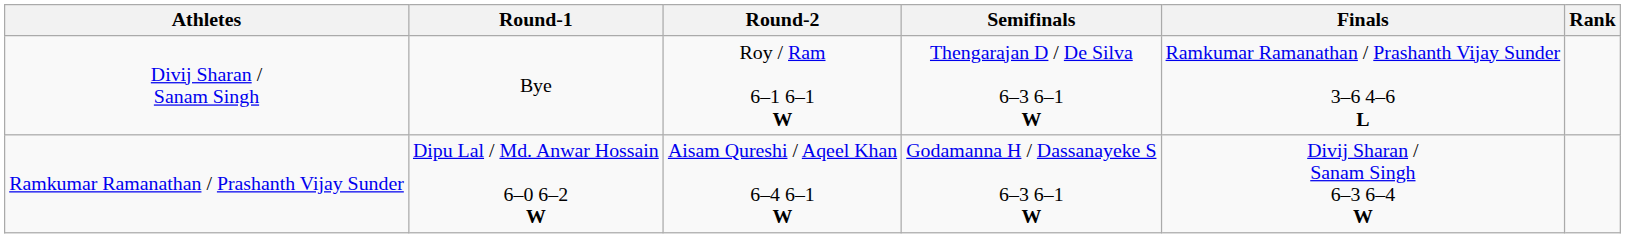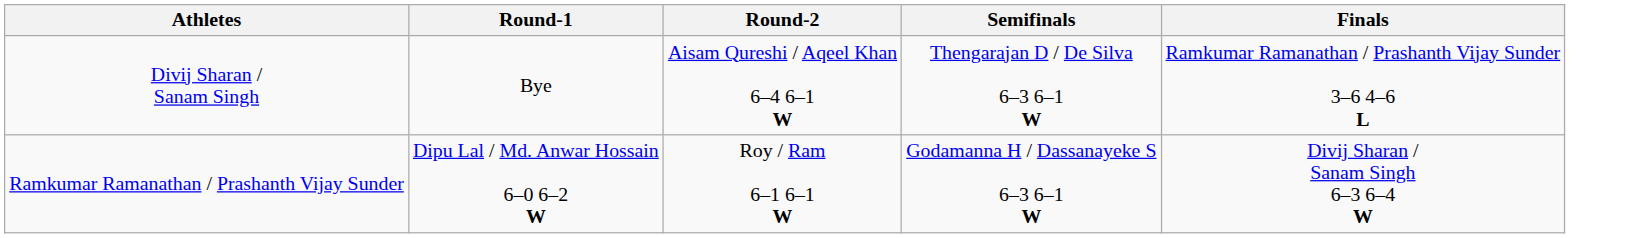 <table class="wikitable" style="text-align:center;">
 <tr>
 <th>Athletes</th>
 <th>Round-1</th>
 <th>Round-2</th>
 <th>Semifinals</th>
 <th>Finals</th>
-<th>Rank</th>
 </tr>
 <tr>
 <td><a href='#'>Divij Sharan</a> /<br><a href='#'>Sanam Singh</a></td>
 <td>Bye</td>
-<td>Roy / <a href='#'>Ram</a><br><br>6–1 6–1<br><strong>W</strong></td>
+<td><a href='#'>Aisam Qureshi</a> / <a href='#'>Aqeel Khan</a><br><br>6–4 6–1<br><strong>W</strong></td>
 <td><a href='#'>Thengarajan D</a> / <a href='#'>De Silva</a><br><br>6–3 6–1<br><strong>W</strong></td>
 <td><a href='#'>Ramkumar Ramanathan</a> / <a href='#'>Prashanth Vijay Sunder</a><br><br>3–6 4–6<br><strong>L</strong></td>
-<td></td>
 </tr>
 <tr>
 <td><a href='#'>Ramkumar Ramanathan</a> / <a href='#'>Prashanth Vijay Sunder</a></td>
 <td><a href='#'>Dipu Lal</a> / <a href='#'>Md. Anwar Hossain</a><br><br>6–0 6–2<br><strong>W</strong></td>
-<td><a href='#'>Aisam Qureshi</a> / <a href='#'>Aqeel Khan</a><br><br>6–4 6–1<br><strong>W</strong></td>
+<td>Roy / <a href='#'>Ram</a><br><br>6–1 6–1<br><strong>W</strong></td>
 <td><a href='#'>Godamanna H</a> / <a href='#'>Dassanayeke S</a><br><br>6–3 6–1<br><strong>W</strong></td>
 <td><a href='#'>Divij Sharan</a> /<br><a href='#'>Sanam Singh</a><br> 6–3 6–4<br><strong>W</strong></td>
-<td></td>
 </tr>
 </table>
